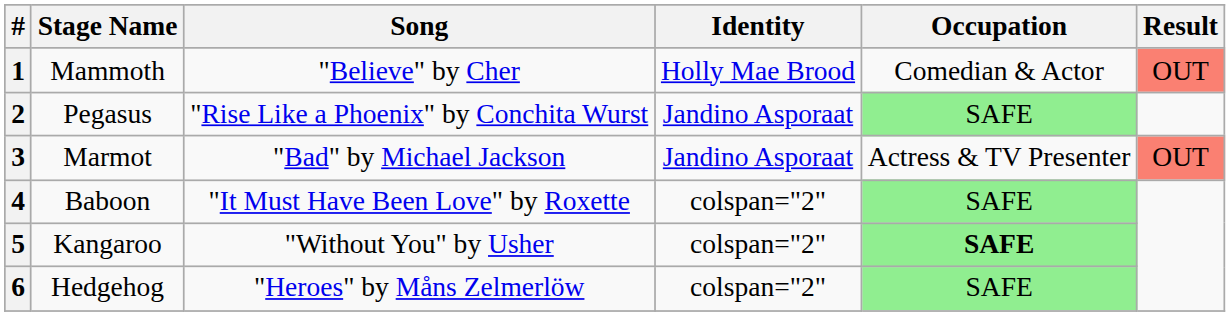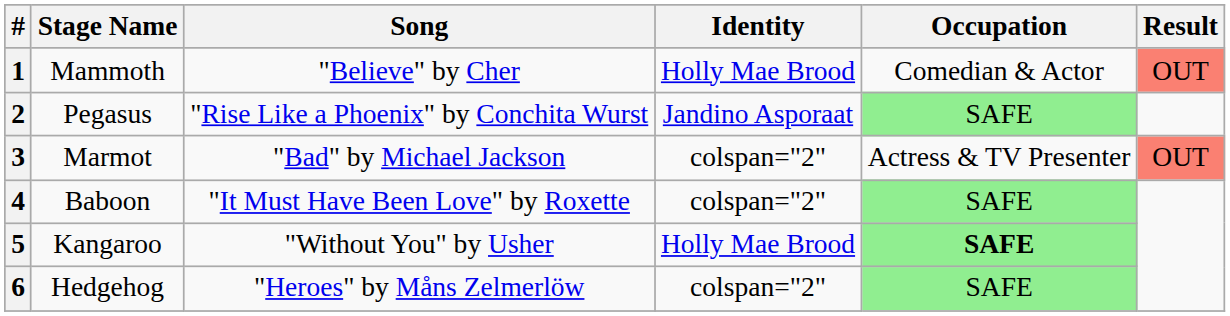 <table class="wikitable plainrowheaders" style="text-align: center;">
 <tr>
 <th><strong>#</strong></th>
 <th><strong>Stage Name</strong></th>
 <th><strong>Song</strong></th>
 <th>Identity</th>
 <th><strong>Occupation</strong></th>
 <th>Result</th>
 </tr>
 <tr>
 <th>1</th>
 <td>Mammoth</td>
 <td>"<a href='#'>Believe</a>" by <a href='#'>Cher</a></td>
 <td><a href='#'>Holly Mae Brood</a></td>
 <td>Comedian & Actor</td>
 <td bgcolor="salmon">OUT</td>
 </tr>
 <tr>
 <th>2</th>
 <td>Pegasus</td>
 <td>"<a href='#'>Rise Like a Phoenix</a>" by <a href='#'>Conchita Wurst</a></td>
 <td><a href='#'>Jandino Asporaat</a></td>
 <td bgcolor="lightgreen">SAFE</td>
 </tr>
 <tr>
 <th>3</th>
 <td>Marmot</td>
 <td>"<a href='#'>Bad</a>" by <a href='#'>Michael Jackson</a></td>
-<td><a href='#'>Jandino Asporaat</a></td>
+<td>colspan="2" </td>
 <td>Actress & TV Presenter</td>
 <td bgcolor="salmon">OUT</td>
 </tr>
 <tr>
 <th>4</th>
 <td>Baboon</td>
 <td>"<a href='#'>It Must Have Been Love</a>" by <a href='#'>Roxette</a></td>
 <td>colspan="2" </td>
 <td bgcolor="lightgreen">SAFE</td>
 </tr>
 <tr>
 <th>5</th>
 <td>Kangaroo</td>
 <td>"Without You" by <a href='#'>Usher</a></td>
-<td>colspan="2" </td>
+<td><a href='#'>Holly Mae Brood</a></td>
 <td bgcolor="lightgreen"><strong>SAFE</strong></td>
 </tr>
 <tr>
 <th>6</th>
 <td>Hedgehog</td>
 <td>"<a href='#'>Heroes</a>" by <a href='#'>Måns Zelmerlöw</a></td>
 <td>colspan="2" </td>
 <td bgcolor="lightgreen">SAFE</td>
 </tr>
 </table>
